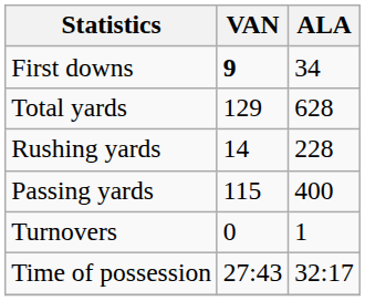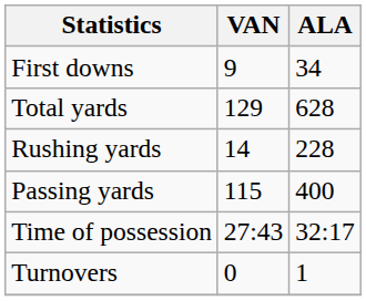 <table class="wikitable">
 <tr>
 <th>Statistics</th>
 <th>VAN</th>
 <th>ALA</th>
 </tr>
 <tr>
 <td>First downs</td>
-<td><strong>9</strong></td>
+<td>9</td>
 <td>34</td>
 </tr>
 <tr>
 <td>Total yards</td>
 <td>129</td>
 <td>628</td>
 </tr>
 <tr>
 <td>Rushing yards</td>
 <td>14</td>
 <td>228</td>
 </tr>
 <tr>
 <td>Passing yards</td>
 <td>115</td>
 <td>400</td>
 </tr>
 <tr>
+<td>Time of possession</td>
+<td>27:43</td>
+<td>32:17</td>
+</tr>
+<tr>
 <td>Turnovers</td>
 <td>0</td>
 <td>1</td>
 </tr>
 <tr>
-<td>Time of possession</td>
-<td>27:43</td>
-<td>32:17</td>
-</tr>
-<tr>
 </tr>
 </table>
